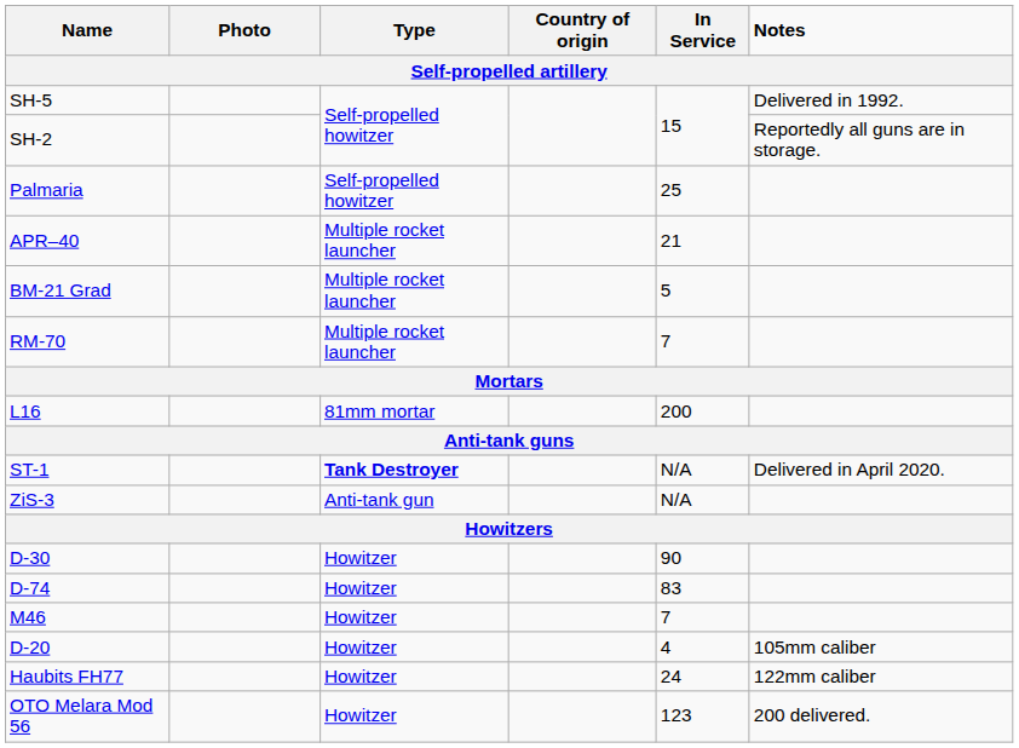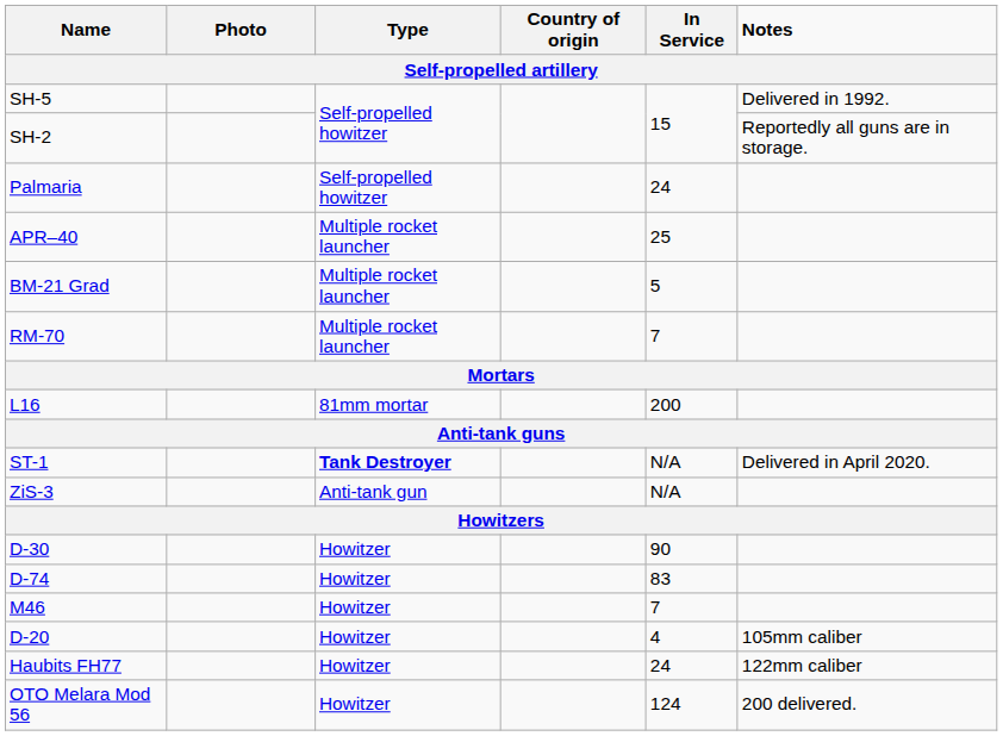 <table class="wikitable">
 <tr>
 <th>Name</th>
 <th style="width:15%;">Photo</th>
 <th>Type</th>
 <th>Country of origin</th>
 <th>In  Service</th>
 <td><strong>Notes</strong></td>
 </tr>
 <tr Notes>
 <th colspan="6" style="align: center;"><a href='#'>Self-propelled artillery</a></th>
 </tr>
 <tr>
 <td>SH-5</td>
 <td></td>
 <td rowspan="2"><a href='#'>Self-propelled howitzer</a></td>
 <td rowspan="2"></td>
 <td rowspan="2">15</td>
 <td>Delivered in 1992.</td>
 </tr>
 <tr>
 <td>SH-2</td>
 <td></td>
 <td>Reportedly all guns are in storage.</td>
 </tr>
 <tr>
 <td><a href='#'>Palmaria</a></td>
 <td></td>
 <td><a href='#'>Self-propelled howitzer</a></td>
 <td></td>
-<td>25</td>
+<td>24</td>
 <td></td>
 </tr>
 <tr>
 <td><a href='#'>APR–40</a></td>
 <td></td>
 <td><a href='#'>Multiple rocket launcher</a></td>
 <td></td>
-<td>21</td>
+<td>25</td>
 <td></td>
 </tr>
 <tr>
 <td><a href='#'>BM-21 Grad</a></td>
 <td></td>
 <td><a href='#'>Multiple rocket launcher</a></td>
 <td></td>
 <td>5</td>
 <td></td>
 </tr>
 <tr>
 <td><a href='#'>RM-70</a></td>
 <td></td>
 <td><a href='#'>Multiple rocket launcher</a></td>
 <td></td>
 <td>7</td>
 <td></td>
 </tr>
 <tr>
 <th colspan="6" style="align: center;"><a href='#'>Mortars</a></th>
 </tr>
 <tr>
 <td><a href='#'>L16</a></td>
 <td></td>
 <td><a href='#'>81mm mortar</a></td>
 <td></td>
 <td>200</td>
 <td></td>
 </tr>
 <tr>
 <th colspan="6" style="align: center;"><a href='#'>Anti-tank guns</a></th>
 </tr>
 <tr>
 <td><a href='#'>ST-1</a></td>
 <td></td>
 <td><strong><a href='#'>Tank Destroyer</a></strong></td>
 <td></td>
 <td>N/A</td>
 <td>Delivered in April 2020.</td>
 </tr>
 <tr>
 <td><a href='#'>ZiS-3</a></td>
 <td></td>
 <td><a href='#'>Anti-tank gun</a></td>
 <td></td>
 <td>N/A</td>
 <td></td>
 </tr>
 <tr>
 <th colspan="6" style="align: center;"><a href='#'>Howitzers</a></th>
 </tr>
 <tr>
 <td><a href='#'>D-30</a></td>
 <td></td>
 <td><a href='#'>Howitzer</a></td>
 <td></td>
 <td>90</td>
 <td></td>
 </tr>
 <tr>
 <td><a href='#'>D-74</a></td>
 <td></td>
 <td><a href='#'>Howitzer</a></td>
 <td></td>
 <td>83</td>
 <td></td>
 </tr>
 <tr>
 <td><a href='#'>M46</a></td>
 <td></td>
 <td><a href='#'>Howitzer</a></td>
 <td></td>
 <td>7</td>
 <td></td>
 </tr>
 <tr>
 <td><a href='#'>D-20</a></td>
 <td></td>
 <td><a href='#'>Howitzer</a></td>
 <td></td>
 <td>4</td>
 <td>105mm caliber</td>
 </tr>
 <tr>
 <td><a href='#'>Haubits FH77</a></td>
 <td></td>
 <td><a href='#'>Howitzer</a></td>
 <td></td>
 <td>24</td>
 <td>122mm caliber</td>
 </tr>
 <tr>
 <td><a href='#'>OTO Melara Mod 56</a></td>
 <td></td>
 <td><a href='#'>Howitzer</a></td>
 <td></td>
-<td>123</td>
+<td>124</td>
 <td>200 delivered.</td>
 </tr>
 </table>
